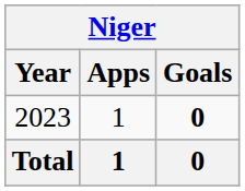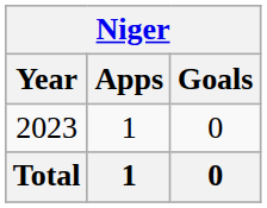 <table class=wikitable style=text-align:center>
 <tr>
 <th colspan=4><a href='#'>Niger</a></th>
 </tr>
 <tr>
 <th>Year</th>
 <th>Apps</th>
 <th>Goals</th>
 </tr>
 <tr>
 <td>2023</td>
 <td>1</td>
-<td><strong>0</strong></td>
+<td>0</td>
 </tr>
 <tr>
 <th colspan=1>Total</th>
 <th>1</th>
 <th>0</th>
 </tr>
 </table>
